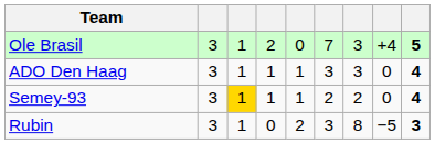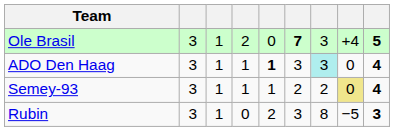 <table class="wikitable" style="text-align:center;">
 <tr>
 <th width=175>Team</th>
 <th width=20></th>
 <th width=20></th>
 <th width=20></th>
 <th width=20></th>
 <th width=20></th>
 <th width=20></th>
 <th width=20></th>
 <th width=20></th>
 </tr>
 <tr bgcolor=ccffcc>
 <td align="left"> <a href='#'>Ole Brasil</a></td>
 <td>3</td>
 <td>1</td>
 <td>2</td>
 <td>0</td>
-<td>7</td>
+<td><strong>7</strong></td>
 <td>3</td>
 <td>+4</td>
 <td><strong>5</strong></td>
 </tr>
 <tr>
 <td align="left"> <a href='#'>ADO Den Haag</a></td>
 <td>3</td>
 <td>1</td>
 <td>1</td>
-<td>1</td>
+<td><strong>1</strong></td>
 <td>3</td>
-<td>3</td>
+<td style="background: paleturquoise;">3</td>
 <td>0</td>
 <td><strong>4</strong></td>
 </tr>
 <tr>
 <td align="left"> <a href='#'>Semey-93</a></td>
 <td>3</td>
-<td style="background: gold;">1</td>
+<td>1</td>
 <td>1</td>
 <td>1</td>
 <td>2</td>
 <td>2</td>
-<td>0</td>
+<td style="background: khaki;">0</td>
 <td><strong>4</strong></td>
 </tr>
 <tr>
 <td align="left">  <a href='#'>Rubin</a></td>
 <td>3</td>
 <td>1</td>
 <td>0</td>
 <td>2</td>
 <td>3</td>
 <td>8</td>
 <td>−5</td>
 <td><strong>3</strong></td>
 </tr>
 </table>
